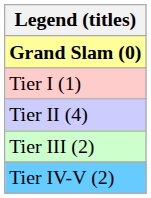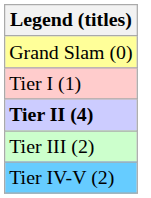 <table class="wikitable sortable mw-collapsible mw-collapsed">
 <tr>
 <th>Legend (titles)</th>
 </tr>
 <tr bgcolor="#FFFF99">
-<td><strong>Grand Slam (0)</strong></td>
+<td>Grand Slam (0)</td>
 </tr>
 <tr bgcolor="#ffcccc">
 <td>Tier I (1)</td>
 </tr>
 <tr bgcolor="#ccccff">
-<td>Tier II (4)</td>
+<td><strong>Tier II (4)</strong></td>
 </tr>
 <tr bgcolor="#CCFFCC">
 <td>Tier III (2)</td>
 </tr>
 <tr bgcolor="#66CCFF">
 <td>Tier IV-V (2)</td>
 </tr>
 </table>
